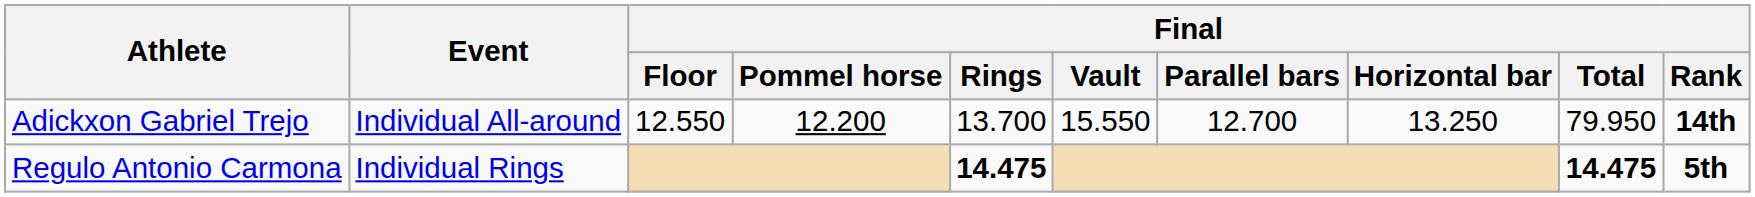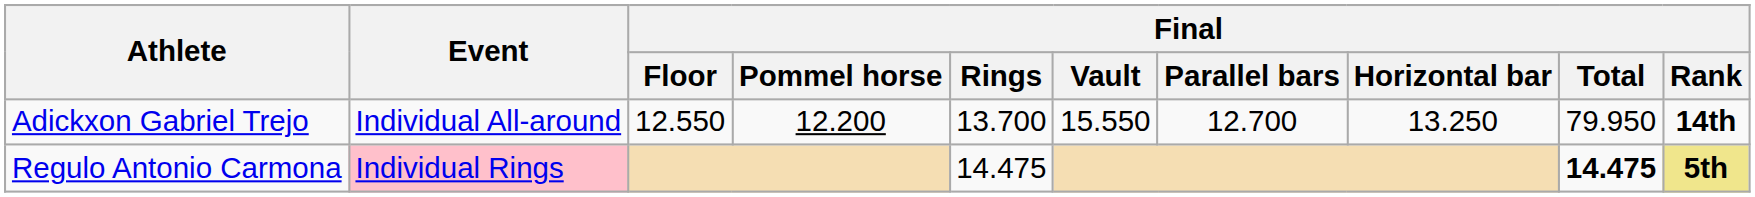 <table class="wikitable" style="font-size:90%">
 <tr>
 <th rowspan="2">Athlete</th>
 <th rowspan="2">Event</th>
 <th colspan = "8">Final</th>
 </tr>
 <tr>
 <th>Floor</th>
 <th>Pommel horse</th>
 <th>Rings</th>
 <th>Vault</th>
 <th>Parallel bars</th>
 <th>Horizontal bar</th>
 <th>Total</th>
 <th>Rank</th>
 </tr>
 <tr>
 <td><a href='#'>Adickxon Gabriel Trejo</a></td>
 <td><a href='#'>Individual All-around</a></td>
 <td align=center>12.550</td>
 <td align=center><u>12.200</u></td>
 <td align=center>13.700</td>
 <td align=center>15.550</td>
 <td align=center>12.700</td>
 <td align=center>13.250</td>
 <td align=center>79.950</td>
 <td align=center><strong>14th</strong></td>
 </tr>
 <tr>
 <td><a href='#'>Regulo Antonio Carmona</a></td>
-<td><a href='#'>Individual Rings</a></td>
+<td style="background: pink;"><a href='#'>Individual Rings</a></td>
 <td style="text-align:center; background:wheat;" colspan="2"></td>
-<td align=center><strong>14.475</strong></td>
+<td align=center>14.475</td>
 <td style="text-align:center; background:wheat;" colspan="3"></td>
 <td align=center><strong>14.475</strong></td>
-<td align=center><strong>5th</strong></td>
+<td align=center style="background: khaki;"><strong>5th</strong></td>
 </tr>
 </table>
